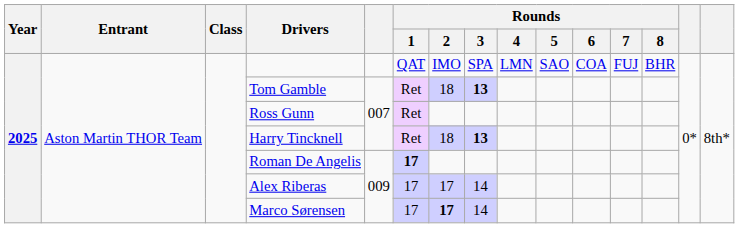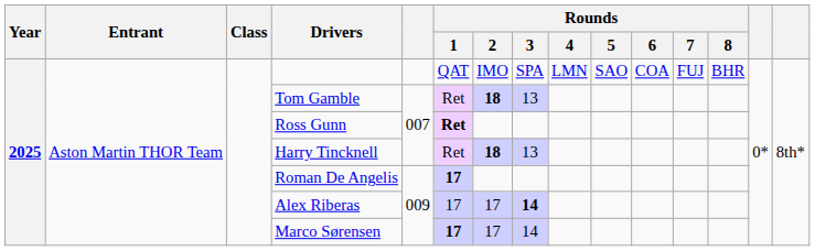 <table class="wikitable" style="text-align:center; font-size:90%">
 <tr>
 <th rowspan="2">Year</th>
 <th rowspan="2">Entrant</th>
 <th rowspan="2">Class</th>
 <th rowspan="2">Drivers</th>
 <th rowspan="2"></th>
 <th colspan="8">Rounds</th>
 <th rowspan="2" scope="col"></th>
 <th rowspan="2" scope="col"></th>
 </tr>
 <tr>
 <th scope="col">1</th>
 <th scope="col">2</th>
 <th scope="col">3</th>
 <th scope="col">4</th>
 <th scope="col">5</th>
 <th scope="col">6</th>
 <th scope="col">7</th>
 <th scope="col">8</th>
 </tr>
 <tr>
 <th rowspan="7"><a href='#'>2025</a></th>
 <td rowspan="7" align="left" style="border-left:0px"><a href='#'>Aston Martin THOR Team</a></td>
 <td rowspan="7"></td>
 <td></td>
 <td></td>
 <td><a href='#'>QAT</a></td>
 <td><a href='#'>IMO</a></td>
 <td><a href='#'>SPA</a></td>
 <td><a href='#'>LMN</a></td>
 <td><a href='#'>SAO</a></td>
 <td><a href='#'>COA</a></td>
 <td><a href='#'>FUJ</a></td>
 <td><a href='#'>BHR</a></td>
 <td rowspan="7">0*</td>
 <td rowspan="7">8th*</td>
 </tr>
 <tr>
 <td align="left"> <a href='#'>Tom Gamble</a></td>
 <td rowspan="3">007</td>
 <td style="background:#EFCFFF;">Ret</td>
-<td style="background:#CFCFFF;”">18</td>
-<td style="background:#CFCFFF;”"><strong>13</strong></td>
+<td style="background:#CFCFFF;”"><strong>18</strong></td>
+<td style="background:#CFCFFF;”">13</td>
 <td></td>
 <td></td>
 <td></td>
 <td></td>
 <td></td>
 </tr>
 <tr>
 <td align="left"> <a href='#'>Ross Gunn</a></td>
-<td style="background:#EFCFFF;">Ret</td>
+<td style="background:#EFCFFF;"><strong>Ret</strong></td>
 <td></td>
 <td></td>
 <td></td>
 <td></td>
 <td></td>
 <td></td>
 <td></td>
 </tr>
 <tr>
 <td align="left"> <a href='#'>Harry Tincknell</a></td>
 <td style="background:#EFCFFF;">Ret</td>
-<td style="background:#CFCFFF;”">18</td>
-<td style="background:#CFCFFF;”"><strong>13</strong></td>
+<td style="background:#CFCFFF;”"><strong>18</strong></td>
+<td style="background:#CFCFFF;”">13</td>
 <td></td>
 <td></td>
 <td></td>
 <td></td>
 <td></td>
 </tr>
 <tr>
 <td align="left"> <a href='#'>Roman De Angelis</a></td>
 <td rowspan="3">009</td>
 <td style="background:#CFCFFF;” "><strong>17</strong></td>
 <td></td>
 <td></td>
 <td></td>
 <td></td>
 <td></td>
 <td></td>
 <td></td>
 </tr>
 <tr>
 <td align="left"> <a href='#'>Alex Riberas</a></td>
 <td style="background:#CFCFFF;”">17</td>
 <td style="background:#CFCFFF;”">17</td>
-<td style="background:#CFCFFF;”">14</td>
+<td style="background:#CFCFFF;”"><strong>14</strong></td>
 <td></td>
 <td></td>
 <td></td>
 <td></td>
 <td></td>
 </tr>
 <tr>
 <td align="left"> <a href='#'>Marco Sørensen</a></td>
+<td style="background:#CFCFFF;”"><strong>17</strong></td>
 <td style="background:#CFCFFF;”">17</td>
-<td style="background:#CFCFFF;”"><strong>17</strong></td>
 <td style="background:#CFCFFF;”">14</td>
 <td></td>
 <td></td>
 <td></td>
 <td></td>
 <td></td>
 </tr>
 </table>
